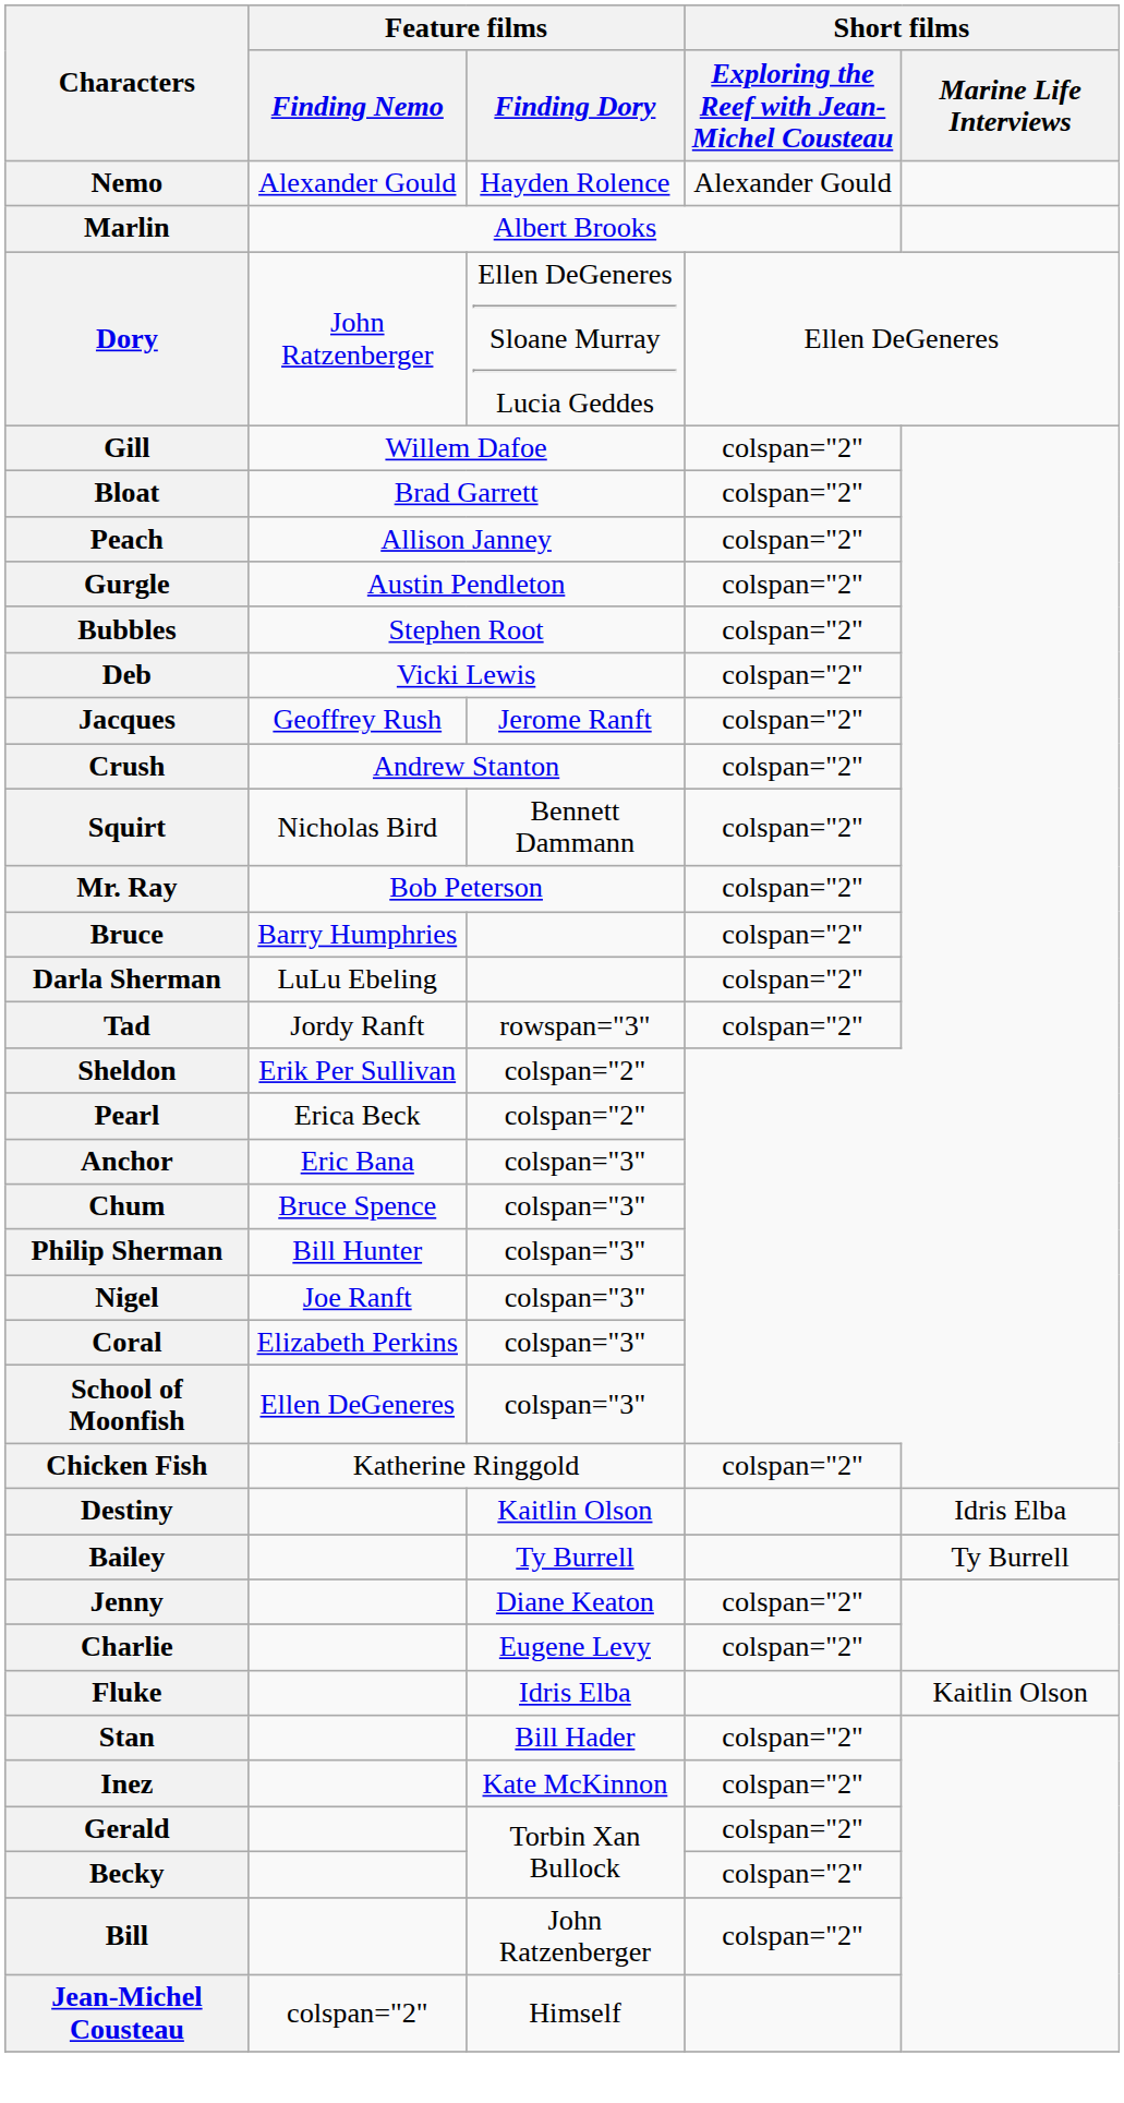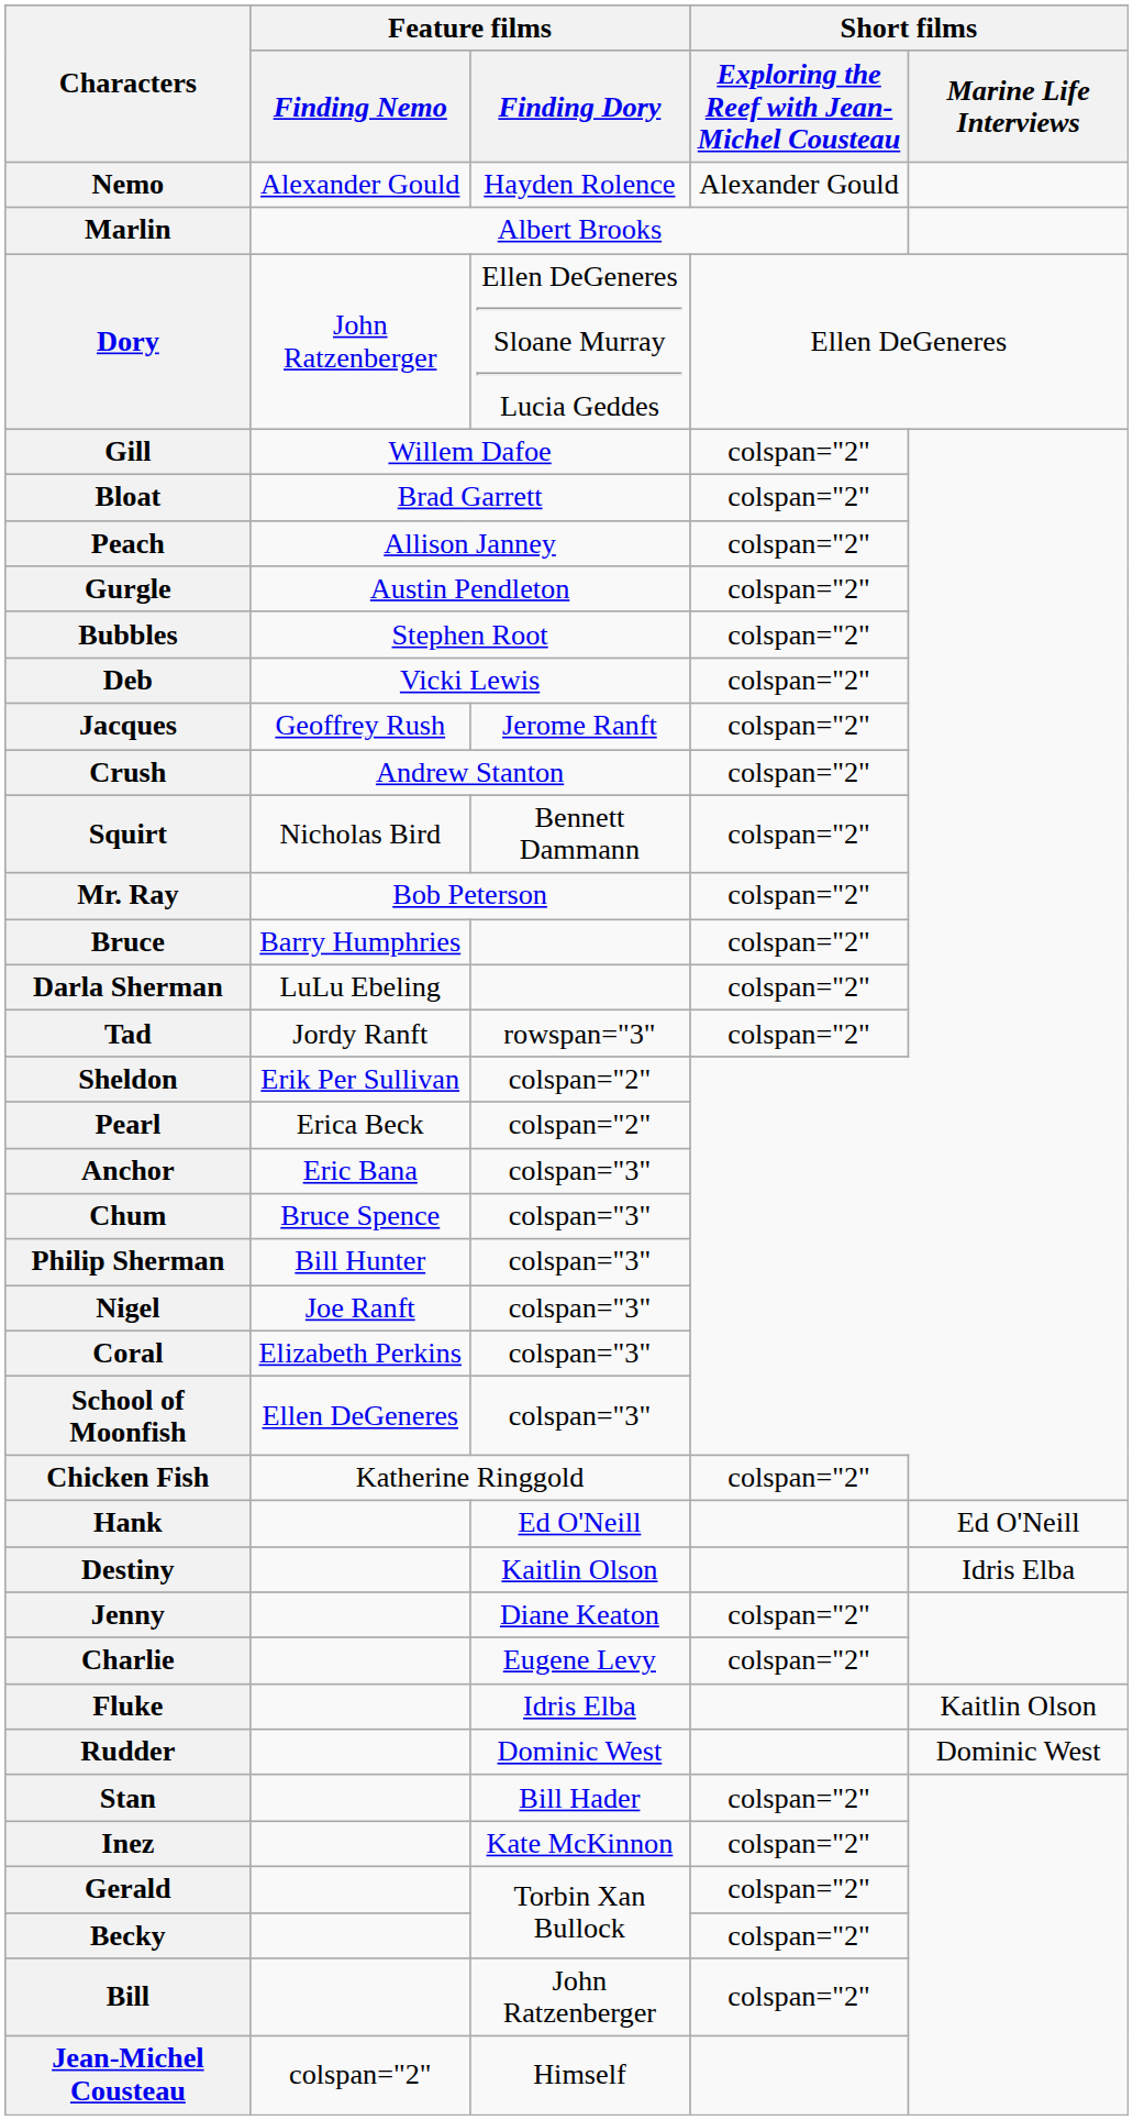 <table class="wikitable" width="100%" style="text-align:center">
 <tr>
 <th rowspan="2" width="19%">Characters</th>
 <th colspan="2" width="34%">Feature films</th>
 <th colspan="2" width="17%">Short films</th>
 </tr>
 <tr>
 <th width="17%"><em><a href='#'>Finding Nemo</a></em></th>
 <th width="17%"><em><a href='#'>Finding Dory</a></em></th>
 <th width="17%"><em><a href='#'>Exploring the Reef with Jean-Michel Cousteau</a></em></th>
 <th width="17%"><em>Marine Life Interviews</em></th>
 </tr>
 <tr>
 <th>Nemo</th>
 <td><a href='#'>Alexander Gould</a></td>
 <td><a href='#'>Hayden Rolence</a></td>
 <td>Alexander Gould</td>
 <td></td>
 </tr>
 <tr>
 <th>Marlin</th>
 <td colspan="3"><a href='#'>Albert Brooks</a></td>
 <td></td>
 </tr>
 <tr>
 <th><a href='#'>Dory</a></th>
 <td><a href='#'>John Ratzenberger</a></td>
 <td>Ellen DeGeneres<hr>Sloane Murray<hr>Lucia Geddes</td>
 <td colspan="2">Ellen DeGeneres</td>
 </tr>
 <tr>
 <th>Gill</th>
 <td colspan="2"><a href='#'>Willem Dafoe</a></td>
 <td>colspan="2" </td>
 </tr>
 <tr>
 <th>Bloat</th>
 <td colspan="2"><a href='#'>Brad Garrett</a></td>
 <td>colspan="2" </td>
 </tr>
 <tr>
 <th>Peach</th>
 <td colspan="2"><a href='#'>Allison Janney</a></td>
 <td>colspan="2" </td>
 </tr>
 <tr>
 <th>Gurgle</th>
 <td colspan="2"><a href='#'>Austin Pendleton</a></td>
 <td>colspan="2" </td>
 </tr>
 <tr>
 <th>Bubbles</th>
 <td colspan="2"><a href='#'>Stephen Root</a></td>
 <td>colspan="2" </td>
 </tr>
 <tr>
 <th>Deb</th>
 <td colspan="2"><a href='#'>Vicki Lewis</a></td>
 <td>colspan="2" </td>
 </tr>
 <tr>
 <th>Jacques</th>
 <td><a href='#'>Geoffrey Rush</a></td>
 <td><a href='#'>Jerome Ranft</a></td>
 <td>colspan="2" </td>
 </tr>
 <tr>
 <th>Crush</th>
 <td colspan="2"><a href='#'>Andrew Stanton</a></td>
 <td>colspan="2" </td>
 </tr>
 <tr>
 <th>Squirt</th>
 <td>Nicholas Bird</td>
 <td>Bennett Dammann</td>
 <td>colspan="2" </td>
 </tr>
 <tr>
 <th>Mr. Ray</th>
 <td colspan="2"><a href='#'>Bob Peterson</a></td>
 <td>colspan="2" </td>
 </tr>
 <tr>
 <th>Bruce</th>
 <td><a href='#'>Barry Humphries</a></td>
 <td></td>
 <td>colspan="2" </td>
 </tr>
 <tr>
 <th>Darla Sherman</th>
 <td>LuLu Ebeling</td>
 <td></td>
 <td>colspan="2" </td>
 </tr>
 <tr>
 <th>Tad</th>
 <td>Jordy Ranft</td>
 <td>rowspan="3" </td>
 <td>colspan="2" </td>
 </tr>
 <tr>
 <th>Sheldon</th>
 <td><a href='#'>Erik Per Sullivan</a></td>
 <td>colspan="2" </td>
 </tr>
 <tr>
 <th>Pearl</th>
 <td>Erica Beck</td>
 <td>colspan="2" </td>
 </tr>
 <tr>
 <th>Anchor</th>
 <td><a href='#'>Eric Bana</a></td>
 <td>colspan="3" </td>
 </tr>
 <tr>
 <th>Chum</th>
 <td><a href='#'>Bruce Spence</a></td>
 <td>colspan="3" </td>
 </tr>
 <tr>
 <th>Philip Sherman</th>
 <td><a href='#'>Bill Hunter</a></td>
 <td>colspan="3" </td>
 </tr>
 <tr>
 <th>Nigel</th>
 <td><a href='#'>Joe Ranft</a></td>
 <td>colspan="3" </td>
 </tr>
 <tr>
 <th>Coral</th>
 <td><a href='#'>Elizabeth Perkins</a></td>
 <td>colspan="3" </td>
 </tr>
 <tr>
 <th>School of Moonfish</th>
 <td><a href='#'>Ellen DeGeneres</a></td>
 <td>colspan="3" </td>
 </tr>
 <tr>
 <th>Chicken Fish</th>
 <td colspan="2">Katherine Ringgold</td>
 <td>colspan="2" </td>
 </tr>
 <tr>
+<th>Hank</th>
+<td></td>
+<td><a href='#'>Ed O'Neill</a></td>
+<td></td>
+<td>Ed O'Neill</td>
+</tr>
+<tr>
 <th>Destiny</th>
 <td></td>
 <td><a href='#'>Kaitlin Olson</a></td>
 <td></td>
 <td>Idris Elba</td>
-</tr>
-<tr>
-<th>Bailey</th>
-<td></td>
-<td><a href='#'>Ty Burrell</a></td>
-<td></td>
-<td>Ty Burrell</td>
 </tr>
 <tr>
 <th>Jenny</th>
 <td></td>
 <td><a href='#'>Diane Keaton</a></td>
 <td>colspan="2" </td>
 </tr>
 <tr>
 <th>Charlie</th>
 <td></td>
 <td><a href='#'>Eugene Levy</a></td>
 <td>colspan="2" </td>
 </tr>
 <tr>
 <th>Fluke</th>
 <td></td>
 <td><a href='#'>Idris Elba</a></td>
 <td></td>
 <td>Kaitlin Olson</td>
+</tr>
+<tr>
+<th>Rudder</th>
+<td></td>
+<td><a href='#'>Dominic West</a></td>
+<td></td>
+<td>Dominic West</td>
 </tr>
 <tr>
 <th>Stan</th>
 <td></td>
 <td><a href='#'>Bill Hader</a></td>
 <td>colspan="2" </td>
 </tr>
 <tr>
 <th>Inez</th>
 <td></td>
 <td><a href='#'>Kate McKinnon</a></td>
 <td>colspan="2" </td>
 </tr>
 <tr>
 <th>Gerald</th>
 <td></td>
 <td rowspan="2">Torbin Xan Bullock</td>
 <td>colspan="2" </td>
 </tr>
 <tr>
 <th>Becky</th>
 <td></td>
 <td>colspan="2" </td>
 </tr>
 <tr>
 <th>Bill</th>
 <td></td>
 <td>John Ratzenberger</td>
 <td>colspan="2" </td>
 </tr>
 <tr>
 <th><a href='#'>Jean-Michel Cousteau</a></th>
 <td>colspan="2" </td>
 <td>Himself</td>
 <td></td>
 </tr>
 </table>
